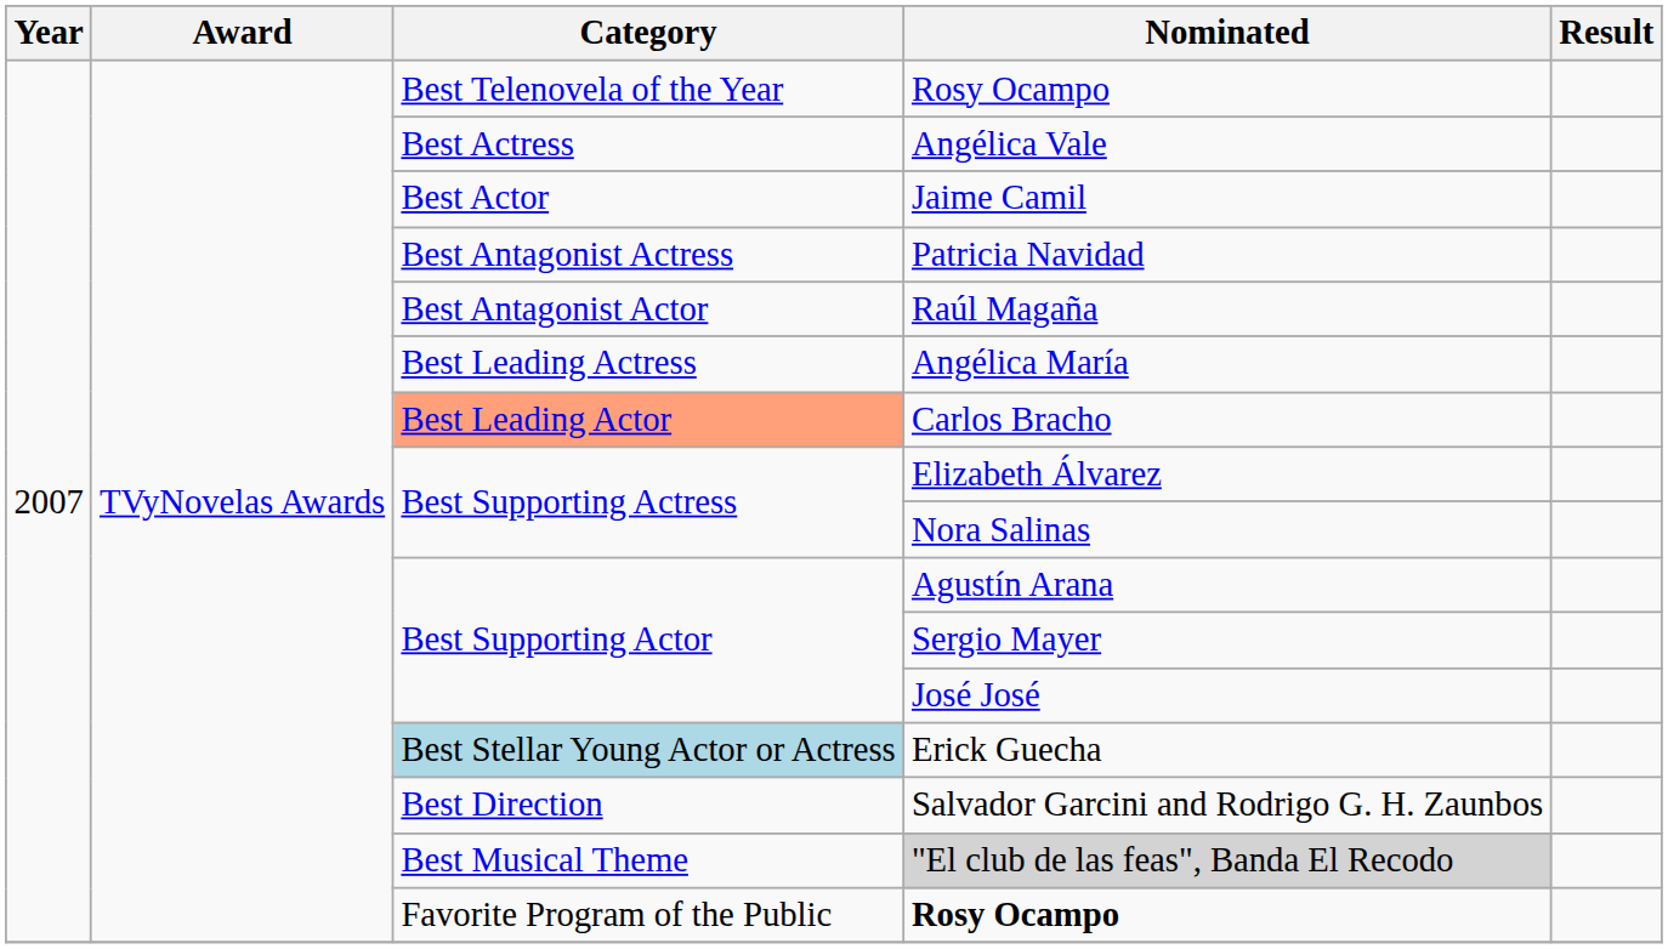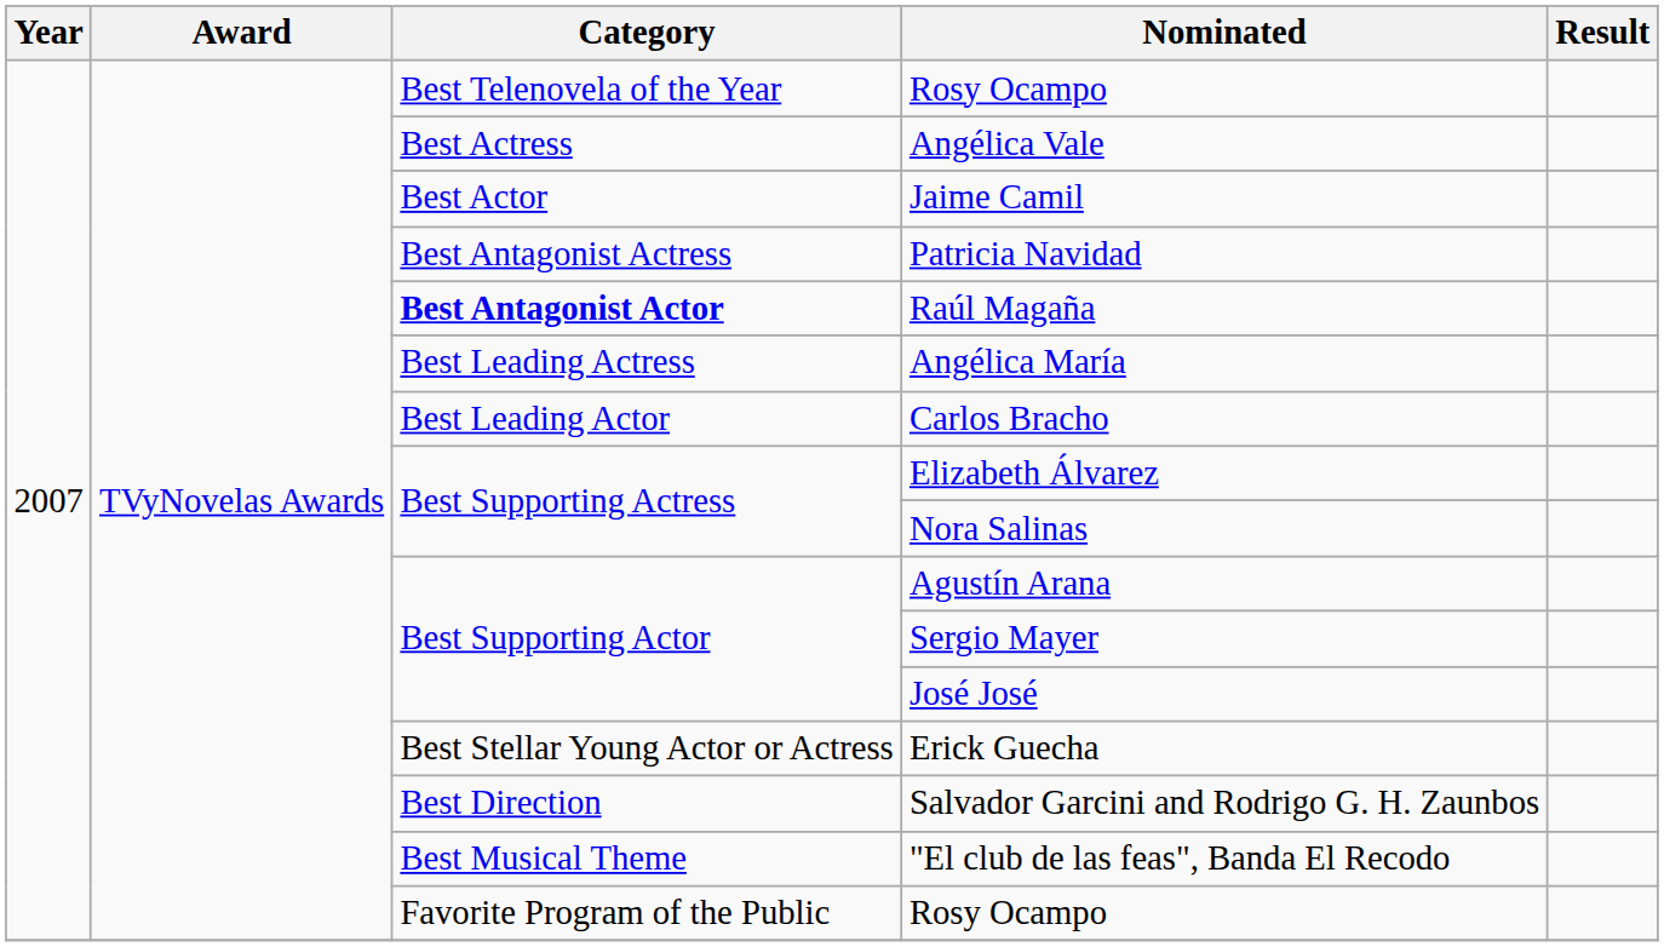 <table class="wikitable plainrowheaders">
 <tr>
 <th scope="col">Year</th>
 <th scope="col">Award</th>
 <th scope="col">Category</th>
 <th scope="col">Nominated</th>
 <th scope="col">Result</th>
 </tr>
 <tr>
 <td rowspan="16">2007</td>
 <td rowspan="16"><a href='#'>TVyNovelas Awards</a></td>
 <td><a href='#'>Best Telenovela of the Year</a></td>
 <td><a href='#'>Rosy Ocampo</a></td>
 <td></td>
 </tr>
 <tr>
 <td><a href='#'>Best Actress</a></td>
 <td><a href='#'>Angélica Vale</a></td>
 <td></td>
 </tr>
 <tr>
 <td><a href='#'>Best Actor</a></td>
 <td><a href='#'>Jaime Camil</a></td>
 <td></td>
 </tr>
 <tr>
 <td><a href='#'>Best Antagonist Actress</a></td>
 <td><a href='#'>Patricia Navidad</a></td>
 <td></td>
 </tr>
 <tr>
-<td><a href='#'>Best Antagonist Actor</a></td>
+<td><strong><a href='#'>Best Antagonist Actor</a></strong></td>
 <td><a href='#'>Raúl Magaña</a></td>
 <td></td>
 </tr>
 <tr>
 <td><a href='#'>Best Leading Actress</a></td>
 <td><a href='#'>Angélica María</a></td>
 <td></td>
 </tr>
 <tr>
-<td style="background: lightsalmon;"><a href='#'>Best Leading Actor</a></td>
+<td><a href='#'>Best Leading Actor</a></td>
 <td><a href='#'>Carlos Bracho</a></td>
 <td></td>
 </tr>
 <tr>
 <td rowspan="2"><a href='#'>Best Supporting Actress</a></td>
 <td><a href='#'>Elizabeth Álvarez</a></td>
 <td></td>
 </tr>
 <tr>
 <td><a href='#'>Nora Salinas</a></td>
 <td></td>
 </tr>
 <tr>
 <td rowspan="3"><a href='#'>Best Supporting Actor</a></td>
 <td><a href='#'>Agustín Arana</a></td>
 <td></td>
 </tr>
 <tr>
 <td><a href='#'>Sergio Mayer</a></td>
 <td></td>
 </tr>
 <tr>
 <td><a href='#'>José José</a></td>
 <td></td>
 </tr>
 <tr>
-<td style="background: lightblue;">Best Stellar Young Actor or Actress</td>
+<td>Best Stellar Young Actor or Actress</td>
 <td>Erick Guecha</td>
 <td></td>
 </tr>
 <tr>
 <td><a href='#'>Best Direction</a></td>
 <td>Salvador Garcini and Rodrigo G. H. Zaunbos</td>
 <td></td>
 </tr>
 <tr>
 <td><a href='#'>Best Musical Theme</a></td>
-<td style="background: lightgrey;">"El club de las feas", Banda El Recodo</td>
+<td>"El club de las feas", Banda El Recodo</td>
 <td></td>
 </tr>
 <tr>
 <td>Favorite Program of the Public</td>
-<td><strong>Rosy Ocampo</strong></td>
+<td>Rosy Ocampo</td>
 <td></td>
 </tr>
 <tr>
 </tr>
 </table>
